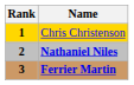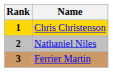 <table class="wikitable">
 <tr>
 <th>Rank</th>
 <th>Name</th>
 </tr>
 <tr bgcolor="gold">
 <td align="center"><strong>1</strong></td>
 <td><a href='#'>Chris Christenson</a></td>
 </tr>
 <tr bgcolor="silver">
 <td align="center"><strong>2</strong></td>
-<td><strong><a href='#'>Nathaniel Niles</a></strong></td>
+<td><a href='#'>Nathaniel Niles</a></td>
 </tr>
 <tr bgcolor="cc9966">
 <td align="center"><strong>3</strong></td>
-<td><strong><a href='#'>Ferrier Martin</a></strong></td>
+<td><a href='#'>Ferrier Martin</a></td>
 </tr>
 </table>
